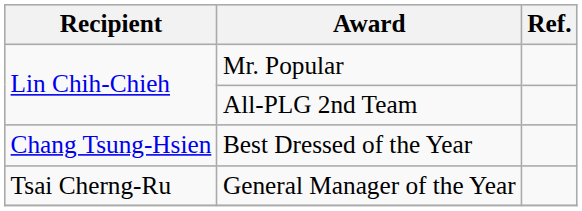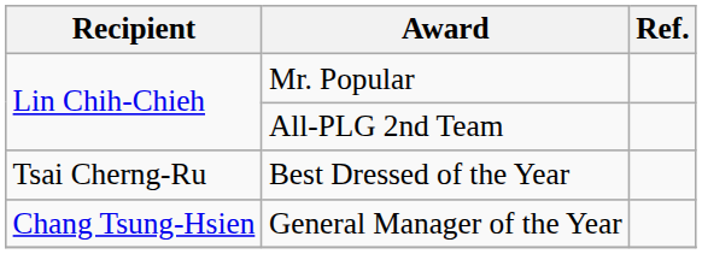 <table class="wikitable">
 <tr>
 <th>Recipient</th>
 <th>Award</th>
 <th>Ref.</th>
 </tr>
 <tr>
 <td rowspan=2><a href='#'>Lin Chih-Chieh</a></td>
 <td>Mr. Popular</td>
 <td></td>
 </tr>
 <tr>
 <td>All-PLG 2nd Team</td>
 <td></td>
 </tr>
 <tr>
-<td><a href='#'>Chang Tsung-Hsien</a></td>
+<td>Tsai Cherng-Ru</td>
 <td>Best Dressed of the Year</td>
 <td></td>
 </tr>
 <tr>
-<td>Tsai Cherng-Ru</td>
+<td><a href='#'>Chang Tsung-Hsien</a></td>
 <td>General Manager of the Year</td>
 <td></td>
 </tr>
 <tr>
 </tr>
 </table>
